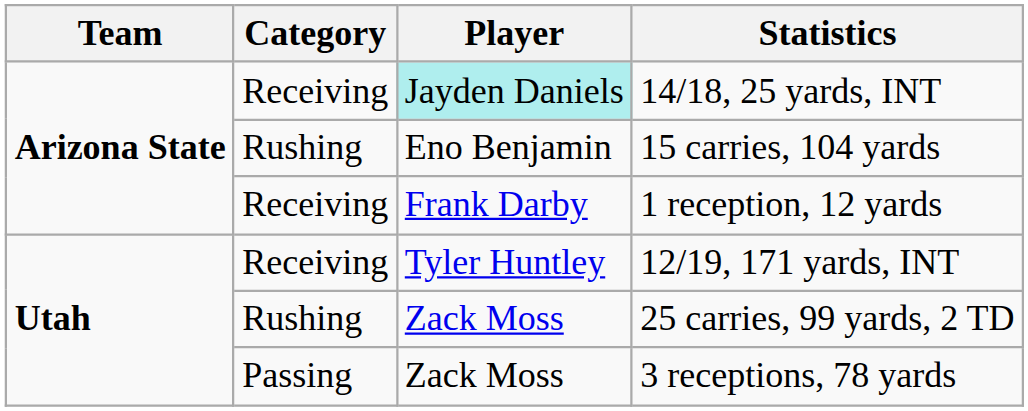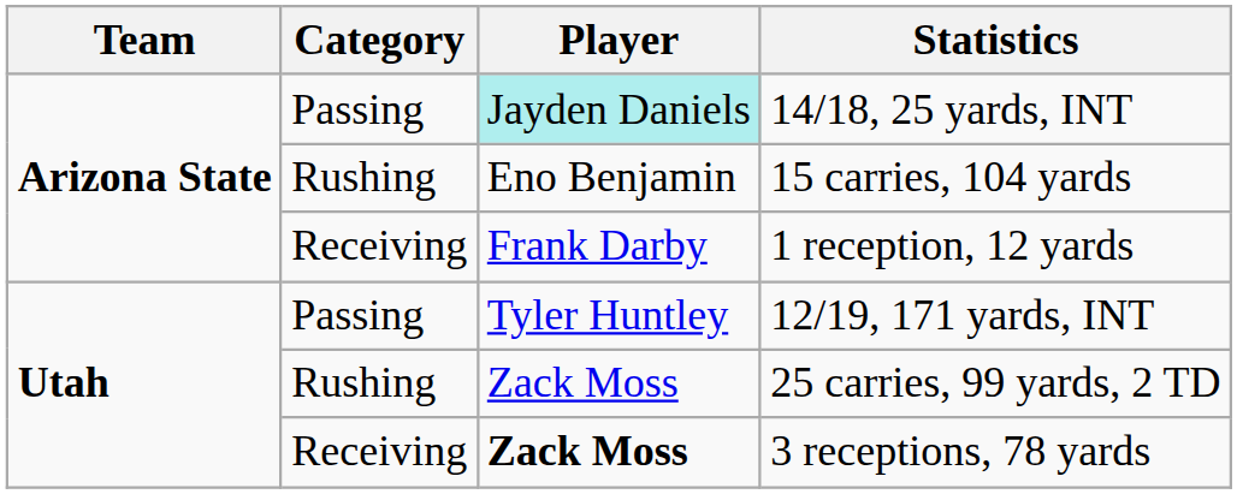 <table class="wikitable" style="float: right;">
 <tr>
 <th>Team</th>
 <th>Category</th>
 <th>Player</th>
 <th>Statistics</th>
 </tr>
 <tr>
 <td rowspan=3><strong>Arizona State</strong></td>
-<td>Receiving</td>
+<td>Passing</td>
 <td style="background: paleturquoise;">Jayden Daniels</td>
 <td>14/18, 25 yards, INT</td>
 </tr>
 <tr>
 <td>Rushing</td>
 <td>Eno Benjamin</td>
 <td>15 carries, 104 yards</td>
 </tr>
 <tr>
 <td>Receiving</td>
 <td><a href='#'>Frank Darby</a></td>
 <td>1 reception, 12 yards</td>
 </tr>
 <tr>
 <td rowspan=3><strong>Utah</strong></td>
-<td>Receiving</td>
+<td>Passing</td>
 <td><a href='#'>Tyler Huntley</a></td>
 <td>12/19, 171 yards, INT</td>
 </tr>
 <tr>
 <td>Rushing</td>
 <td><a href='#'>Zack Moss</a></td>
 <td>25 carries, 99 yards, 2 TD</td>
 </tr>
 <tr>
-<td>Passing</td>
-<td>Zack Moss</td>
+<td>Receiving</td>
+<td><strong>Zack Moss</strong></td>
 <td>3 receptions, 78 yards</td>
 </tr>
 </table>
